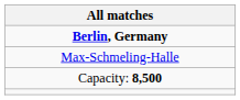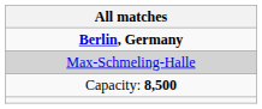 <table class="wikitable" style="text-align:center" width=280>
 <tr>
 <th>All matches</th>
 </tr>
 <tr>
 <td> <strong><a href='#'>Berlin</a>, Germany</strong></td>
 </tr>
 <tr>
-<td><a href='#'>Max-Schmeling-Halle</a></td>
+<td style="background: lightgrey;"><a href='#'>Max-Schmeling-Halle</a></td>
 </tr>
 <tr>
 <td>Capacity: <strong>8,500</strong></td>
 </tr>
 <tr>
 <td></td>
 </tr>
 </table>
